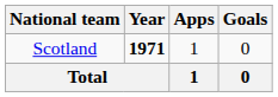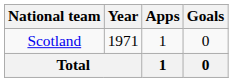 <table class="wikitable" style="text-align:center">
 <tr>
 <th>National team</th>
 <th>Year</th>
 <th>Apps</th>
 <th>Goals</th>
 </tr>
 <tr>
 <td><a href='#'>Scotland</a></td>
-<td><strong>1971</strong></td>
+<td>1971</td>
 <td>1</td>
 <td>0</td>
 </tr>
 <tr>
 <th colspan="2">Total</th>
 <th>1</th>
 <th>0</th>
 </tr>
 </table>
